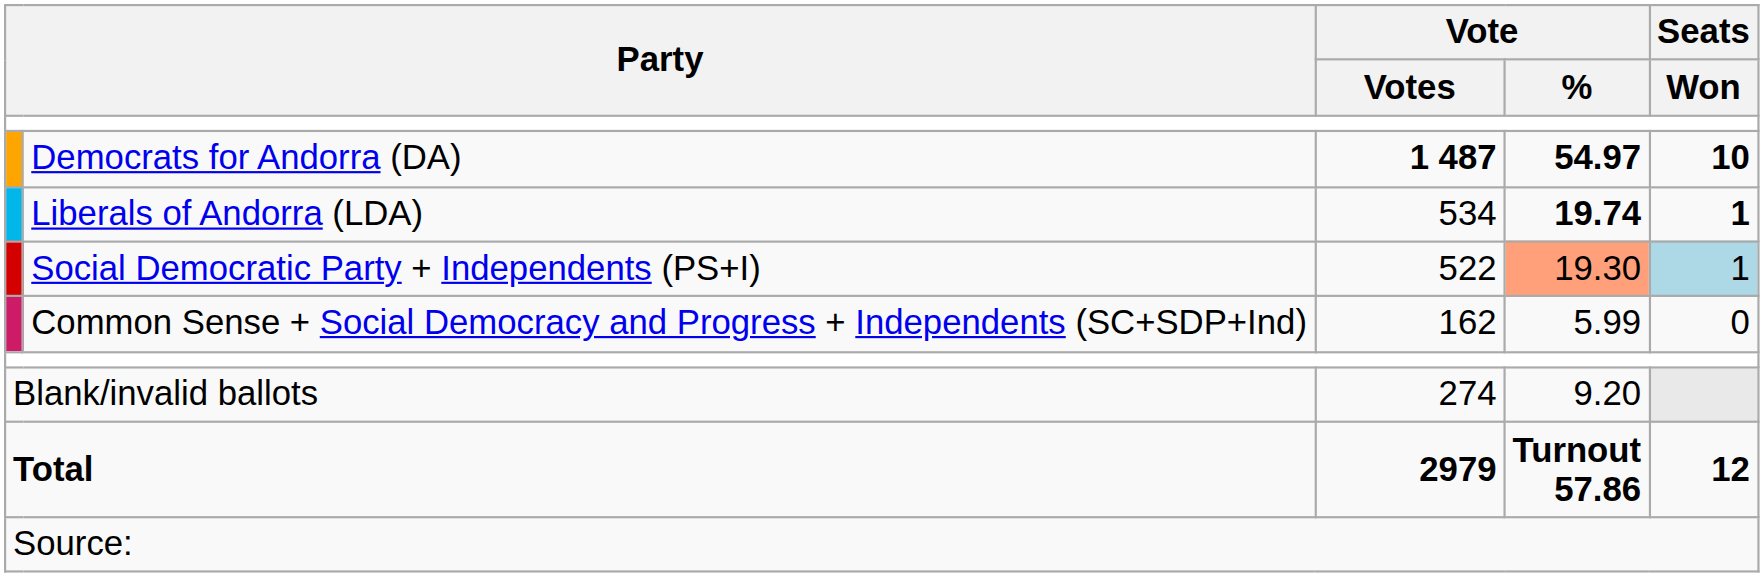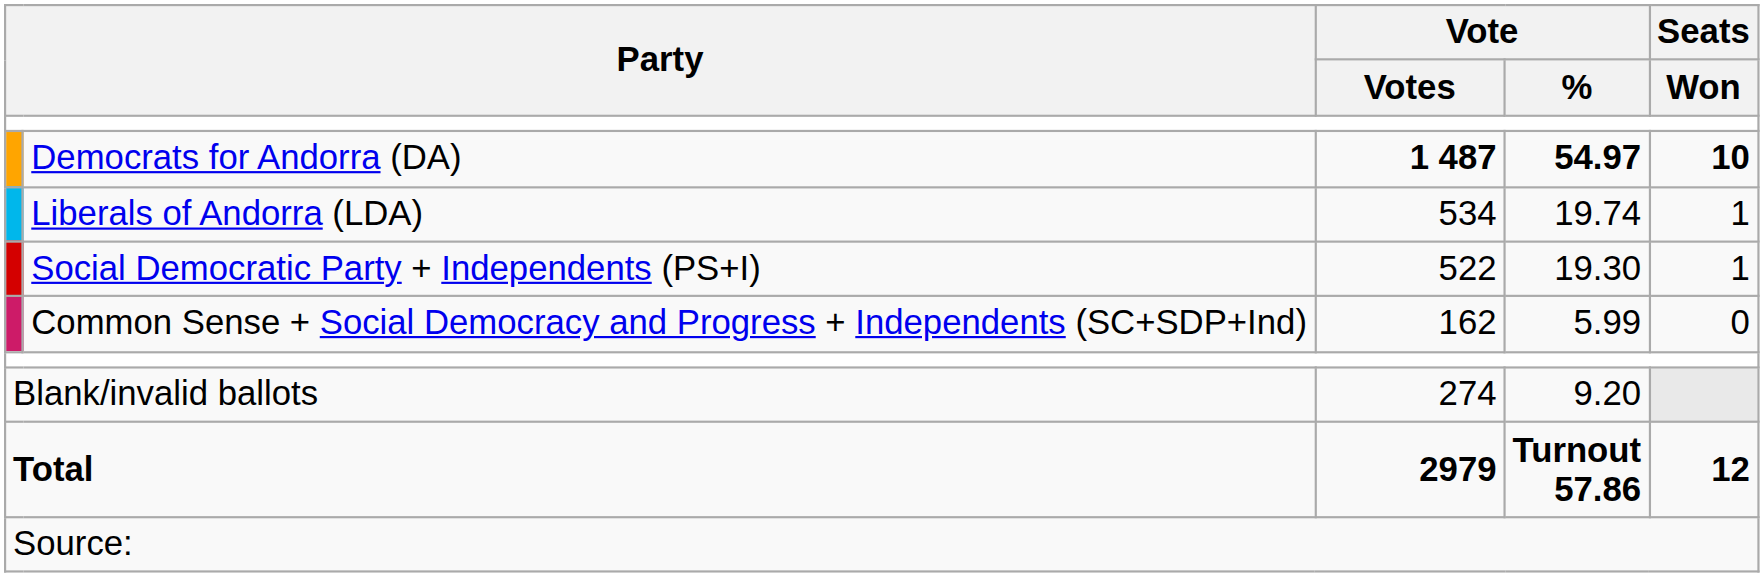 <table class="wikitable" style="text-align:right; font-size:100%; margin-bottom:0">
 <tr>
 <th align="left" rowspan="2" colspan="2" width="500">Party</th>
 <th colspan="2">Vote</th>
 <th>Seats</th>
 </tr>
 <tr>
 <th width="80">Votes</th>
 <th width="50">%</th>
 <th width="40">Won</th>
 </tr>
 <tr bgcolor=white>
 <td colspan=7></td>
 </tr>
 <tr>
 <td width="1" bgcolor="orange"></td>
 <td align="left"><a href='#'>Democrats for Andorra</a> (DA)</td>
 <td><strong>1 487</strong></td>
 <td><strong>54.97  </strong></td>
 <td><strong>10</strong></td>
 </tr>
 <tr>
 <td width="1" style="color:inherit;background:#00B7EB"></td>
 <td align="left"><a href='#'>Liberals of Andorra</a> (LDA)</td>
 <td>534</td>
-<td><strong>19.74</strong></td>
-<td><strong>1</strong></td>
+<td>19.74</td>
+<td>1</td>
 </tr>
 <tr>
 <td width="1" style="color:inherit;background:#D40000"></td>
 <td align="left"><a href='#'>Social Democratic Party</a> + <a href='#'>Independents</a> (PS+I)</td>
 <td>522</td>
-<td style="background: lightsalmon;">19.30</td>
-<td style="background: lightblue;">1</td>
+<td>19.30</td>
+<td>1</td>
 </tr>
 <tr>
 <td width="1" style="color:inherit;background:#cd1b68"></td>
 <td align="left">Common Sense + <a href='#'>Social Democracy and Progress</a> + <a href='#'>Independents</a> (SC+SDP+Ind)</td>
 <td>162</td>
 <td>5.99</td>
 <td>0</td>
 </tr>
 <tr bgcolor=white>
 <td colspan=7></td>
 </tr>
 <tr>
 <td colspan="2" align="left">Blank/invalid ballots</td>
 <td>274</td>
 <td>9.20</td>
 <td style="color:inherit;background:#E9E9E9"></td>
 </tr>
 <tr style="font-weight:bold;">
 <td align="left" colspan="2">Total</td>
 <td>2979</td>
 <td>Turnout 57.86</td>
 <td>12</td>
 </tr>
 <tr>
 <td align="left" colspan="5">Source:</td>
 </tr>
 </table>
